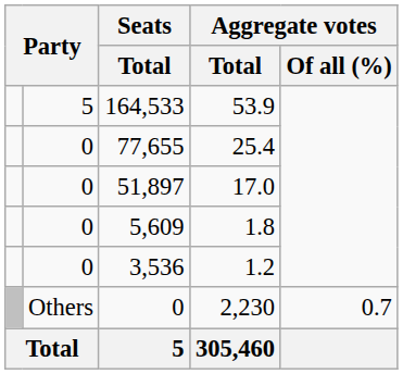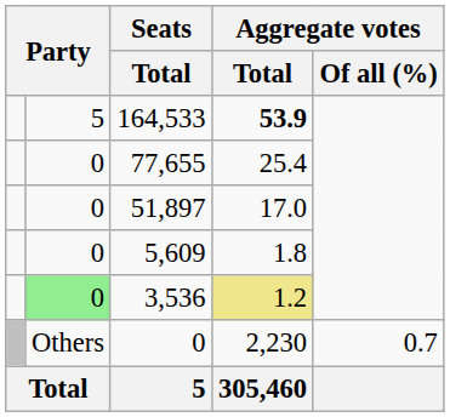 <table class="wikitable" style="text-align:right; font-size:95%;">
 <tr>
 <th colspan="2" rowspan="2">Party</th>
 <th>Seats</th>
 <th colspan="2">Aggregate votes</th>
 </tr>
 <tr>
 <th>Total</th>
 <th>Total</th>
 <th>Of all (%)</th>
 </tr>
 <tr>
 <td></td>
 <td>5</td>
 <td>164,533</td>
-<td>53.9</td>
+<td><strong>53.9</strong></td>
 </tr>
 <tr>
 <td></td>
 <td>0</td>
 <td>77,655</td>
 <td>25.4</td>
 </tr>
 <tr>
 <td></td>
 <td>0</td>
 <td>51,897</td>
 <td>17.0</td>
 </tr>
 <tr>
 <td></td>
 <td>0</td>
 <td>5,609</td>
 <td>1.8</td>
 </tr>
 <tr>
 <td></td>
-<td>0</td>
+<td style="background: lightgreen;">0</td>
 <td>3,536</td>
-<td>1.2</td>
+<td style="background: khaki;">1.2</td>
 </tr>
 <tr>
 <td style="background:silver;"> </td>
 <td align=left>Others</td>
 <td>0</td>
 <td>2,230</td>
 <td>0.7</td>
 </tr>
 <tr>
 <th colspan="2" style="background:#f2f2f2"><strong>Total</strong></th>
 <td style="background:#f2f2f2;"><strong>5</strong></td>
 <td style="background:#f2f2f2;"><strong>305,460</strong></td>
 <td style="background:#f2f2f2;"></td>
 </tr>
 </table>
